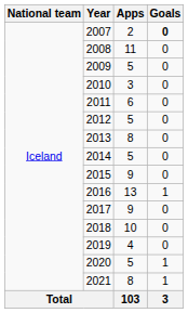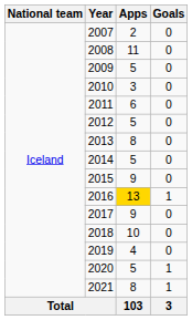 <table class="wikitable" style="text-align:center">
 <tr>
 <th>National team</th>
 <th>Year</th>
 <th>Apps</th>
 <th>Goals</th>
 </tr>
 <tr>
 <td rowspan="15"><a href='#'>Iceland</a></td>
 <td>2007</td>
 <td>2</td>
-<td><strong>0</strong></td>
+<td>0</td>
 </tr>
 <tr>
 <td>2008</td>
 <td>11</td>
 <td>0</td>
 </tr>
 <tr>
 <td>2009</td>
 <td>5</td>
 <td>0</td>
 </tr>
 <tr>
 <td>2010</td>
 <td>3</td>
 <td>0</td>
 </tr>
 <tr>
 <td>2011</td>
 <td>6</td>
 <td>0</td>
 </tr>
 <tr>
 <td>2012</td>
 <td>5</td>
 <td>0</td>
 </tr>
 <tr>
 <td>2013</td>
 <td>8</td>
 <td>0</td>
 </tr>
 <tr>
 <td>2014</td>
 <td>5</td>
 <td>0</td>
 </tr>
 <tr>
 <td>2015</td>
 <td>9</td>
 <td>0</td>
 </tr>
 <tr>
 <td>2016</td>
-<td>13</td>
+<td style="background: gold;">13</td>
 <td>1</td>
 </tr>
 <tr>
 <td>2017</td>
 <td>9</td>
 <td>0</td>
 </tr>
 <tr>
 <td>2018</td>
 <td>10</td>
 <td>0</td>
 </tr>
 <tr>
 <td>2019</td>
 <td>4</td>
 <td>0</td>
 </tr>
 <tr>
 <td>2020</td>
 <td>5</td>
 <td>1</td>
 </tr>
 <tr>
 <td>2021</td>
 <td>8</td>
 <td>1</td>
 </tr>
 <tr>
 <th colspan="2">Total</th>
 <th>103</th>
 <th>3</th>
 </tr>
 </table>
